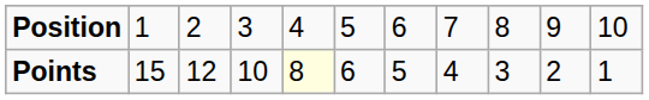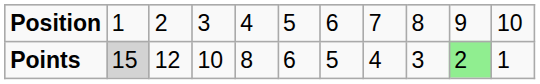 <table class="wikitable" style="font-size: 90%;">
 <tr>
 <td><strong>Position</strong></td>
 <td width=20>1</td>
 <td width=20>2</td>
 <td width=20>3</td>
 <td width=20>4</td>
 <td width=20>5</td>
 <td width=20>6</td>
 <td width=20>7</td>
 <td width=20>8</td>
 <td width=20>9</td>
 <td width=20>10</td>
 </tr>
 <tr>
 <td><strong>Points</strong></td>
-<td>15</td>
+<td style="background: lightgrey;">15</td>
 <td>12</td>
 <td>10</td>
-<td style="background: lightyellow;">8</td>
+<td>8</td>
 <td>6</td>
 <td>5</td>
 <td>4</td>
 <td>3</td>
-<td>2</td>
+<td style="background: lightgreen;">2</td>
 <td>1</td>
 </tr>
 </table>
